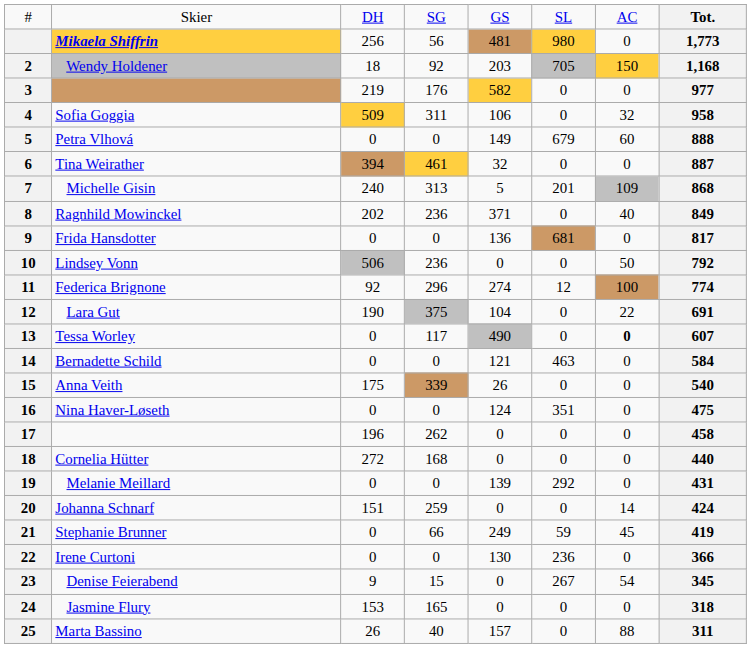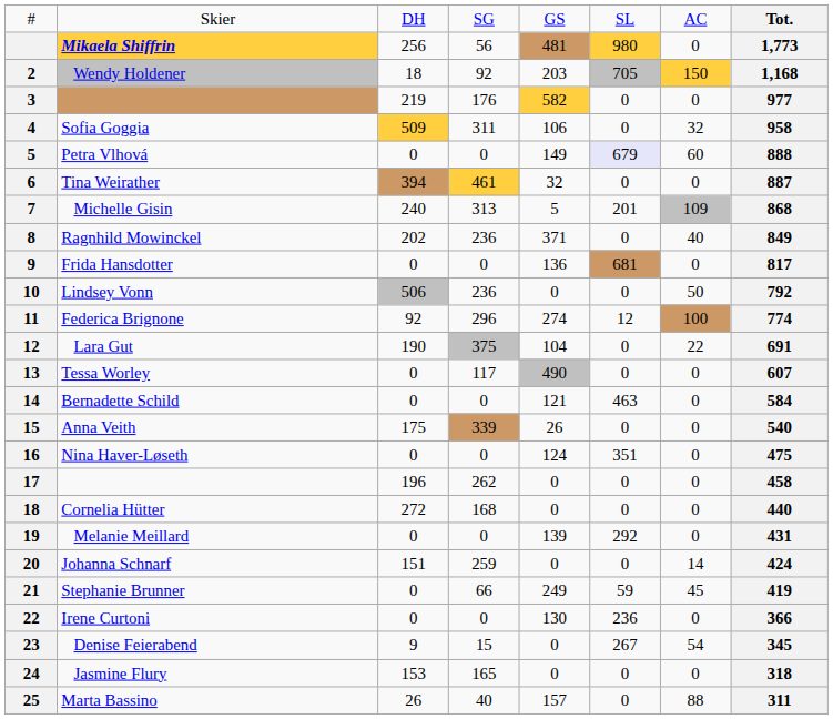 <table class="wikitable" width=60% style="font-size:95%; text-align:center;">
 <tr>
 <td>#</td>
 <td>Skier</td>
 <td><a href='#'>DH</a><br></td>
 <td><a href='#'>SG</a><br></td>
 <td><a href='#'>GS</a><br></td>
 <td><a href='#'>SL</a><br></td>
 <td><a href='#'>AC</a><br></td>
 <th>Tot.</th>
 </tr>
 <tr>
 <th></th>
 <td align=left bgcolor=ffcf40> <strong><em><a href='#'>Mikaela Shiffrin</a></em></strong></td>
 <td>256</td>
 <td>56</td>
 <td bgcolor=cc9966>481</td>
 <td bgcolor=ffcf40>980</td>
 <td>0</td>
 <th>1,773</th>
 </tr>
 <tr>
 <th>2</th>
 <td align=left bgcolor=c0c0c0>   <a href='#'>Wendy Holdener</a></td>
 <td>18</td>
 <td>92</td>
 <td>203</td>
 <td bgcolor=c0c0c0>705</td>
 <td bgcolor=ffcf40>150</td>
 <th>1,168</th>
 </tr>
 <tr>
 <th>3</th>
 <td align=left bgcolor=cc9966></td>
 <td>219</td>
 <td>176</td>
 <td bgcolor=ffcf40>582</td>
 <td>0</td>
 <td>0</td>
 <th>977</th>
 </tr>
 <tr>
 <th>4</th>
 <td align=left> <a href='#'>Sofia Goggia</a></td>
 <td bgcolor=ffcf40>509</td>
 <td>311</td>
 <td>106</td>
 <td>0</td>
 <td>32</td>
 <th>958</th>
 </tr>
 <tr>
 <th>5</th>
 <td align=left> <a href='#'>Petra Vlhová</a></td>
 <td>0</td>
 <td>0</td>
 <td>149</td>
-<td>679</td>
+<td style="background: lavender;">679</td>
 <td>60</td>
 <th>888</th>
 </tr>
 <tr>
 <th>6</th>
 <td align=left> <a href='#'>Tina Weirather</a></td>
 <td bgcolor=cc9966>394</td>
 <td bgcolor=ffcf40>461</td>
 <td>32</td>
 <td>0</td>
 <td>0</td>
 <th>887</th>
 </tr>
 <tr>
 <th>7</th>
 <td align=left>   <a href='#'>Michelle Gisin</a></td>
 <td>240</td>
 <td>313</td>
 <td>5</td>
 <td>201</td>
 <td bgcolor=c0c0c0>109</td>
 <th>868</th>
 </tr>
 <tr>
 <th>8</th>
 <td align=left> <a href='#'>Ragnhild Mowinckel</a></td>
 <td>202</td>
 <td>236</td>
 <td>371</td>
 <td>0</td>
 <td>40</td>
 <th>849</th>
 </tr>
 <tr>
 <th>9</th>
 <td align=left> <a href='#'>Frida Hansdotter</a></td>
 <td>0</td>
 <td>0</td>
 <td>136</td>
 <td bgcolor=cc9966>681</td>
 <td>0</td>
 <th>817</th>
 </tr>
 <tr>
 <th>10</th>
 <td align=left> <a href='#'>Lindsey Vonn</a></td>
 <td bgcolor=c0c0c0>506</td>
 <td>236</td>
 <td>0</td>
 <td>0</td>
 <td>50</td>
 <th>792</th>
 </tr>
 <tr>
 <th>11</th>
 <td align=left> <a href='#'>Federica Brignone</a></td>
 <td>92</td>
 <td>296</td>
 <td>274</td>
 <td>12</td>
 <td bgcolor=cc9966>100</td>
 <th>774</th>
 </tr>
 <tr>
 <th>12</th>
 <td align=left>   <a href='#'>Lara Gut</a></td>
 <td>190</td>
 <td bgcolor=c0c0c0>375</td>
 <td>104</td>
 <td>0</td>
 <td>22</td>
 <th>691</th>
 </tr>
 <tr>
 <th>13</th>
 <td align=left> <a href='#'>Tessa Worley</a></td>
 <td>0</td>
 <td>117</td>
 <td bgcolor=c0c0c0>490</td>
 <td>0</td>
-<td><strong>0</strong></td>
+<td>0</td>
 <th>607</th>
 </tr>
 <tr>
 <th>14</th>
 <td align=left> <a href='#'>Bernadette Schild</a></td>
 <td>0</td>
 <td>0</td>
 <td>121</td>
 <td>463</td>
 <td>0</td>
 <th>584</th>
 </tr>
 <tr>
 <th>15</th>
 <td align=left> <a href='#'>Anna Veith</a></td>
 <td>175</td>
 <td bgcolor=cc9966>339</td>
 <td>26</td>
 <td>0</td>
 <td>0</td>
 <th>540</th>
 </tr>
 <tr>
 <th>16</th>
 <td align=left> <a href='#'>Nina Haver-Løseth</a></td>
 <td>0</td>
 <td>0</td>
 <td>124</td>
 <td>351</td>
 <td>0</td>
 <th>475</th>
 </tr>
 <tr>
 <th>17</th>
 <td align=left></td>
 <td>196</td>
 <td>262</td>
 <td>0</td>
 <td>0</td>
 <td>0</td>
 <th>458</th>
 </tr>
 <tr>
 <th>18</th>
 <td align=left> <a href='#'>Cornelia Hütter</a></td>
 <td>272</td>
 <td>168</td>
 <td>0</td>
 <td>0</td>
 <td>0</td>
 <th>440</th>
 </tr>
 <tr>
 <th>19</th>
 <td align=left>   <a href='#'>Melanie Meillard</a></td>
 <td>0</td>
 <td>0</td>
 <td>139</td>
 <td>292</td>
 <td>0</td>
 <th>431</th>
 </tr>
 <tr>
 <th>20</th>
 <td align=left> <a href='#'>Johanna Schnarf</a></td>
 <td>151</td>
 <td>259</td>
 <td>0</td>
 <td>0</td>
 <td>14</td>
 <th>424</th>
 </tr>
 <tr>
 <th>21</th>
 <td align=left> <a href='#'>Stephanie Brunner</a></td>
 <td>0</td>
 <td>66</td>
 <td>249</td>
 <td>59</td>
 <td>45</td>
 <th>419</th>
 </tr>
 <tr>
 <th>22</th>
 <td align=left> <a href='#'>Irene Curtoni</a></td>
 <td>0</td>
 <td>0</td>
 <td>130</td>
 <td>236</td>
 <td>0</td>
 <th>366</th>
 </tr>
 <tr>
 <th>23</th>
 <td align=left>   <a href='#'>Denise Feierabend</a></td>
 <td>9</td>
 <td>15</td>
 <td>0</td>
 <td>267</td>
 <td>54</td>
 <th>345</th>
 </tr>
 <tr>
 <th>24</th>
 <td align=left>   <a href='#'>Jasmine Flury</a></td>
 <td>153</td>
 <td>165</td>
 <td>0</td>
 <td>0</td>
 <td>0</td>
 <th>318</th>
 </tr>
 <tr>
 <th>25</th>
 <td align=left> <a href='#'>Marta Bassino</a></td>
 <td>26</td>
 <td>40</td>
 <td>157</td>
 <td>0</td>
 <td>88</td>
 <th>311</th>
 </tr>
 </table>
